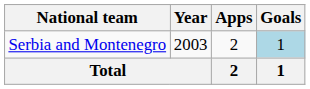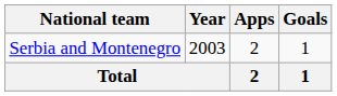 <table class="wikitable" style="text-align:center">
 <tr>
 <th>National team</th>
 <th>Year</th>
 <th>Apps</th>
 <th>Goals</th>
 </tr>
 <tr>
 <td><a href='#'>Serbia and Montenegro</a></td>
 <td>2003</td>
 <td>2</td>
-<td style="background: lightblue;">1</td>
+<td>1</td>
 </tr>
 <tr>
 <th colspan="2">Total</th>
 <th>2</th>
 <th>1</th>
 </tr>
 </table>
